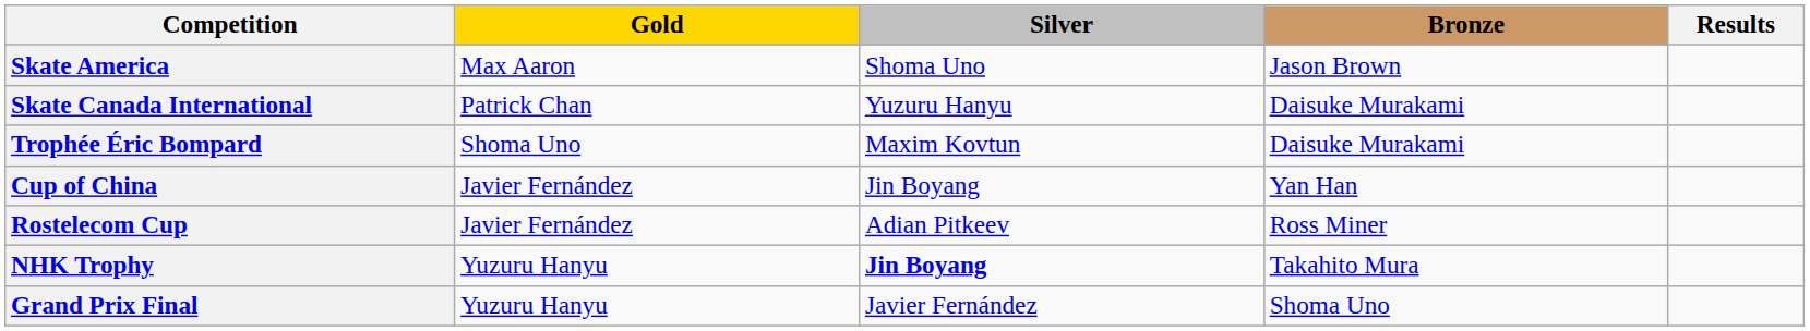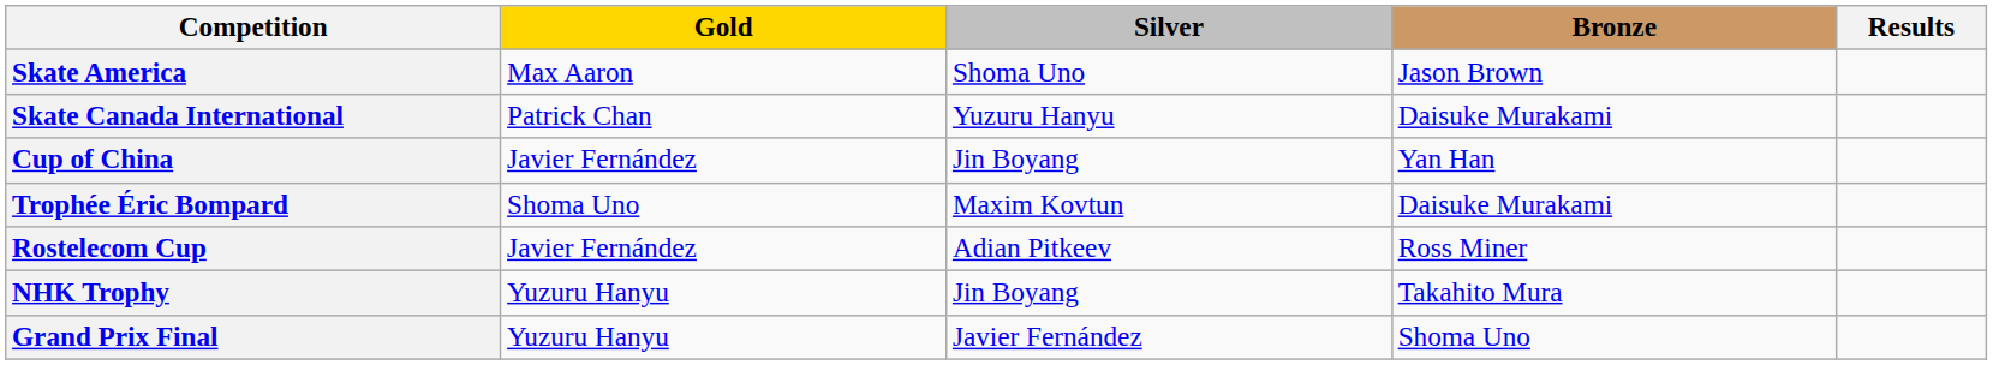 <table class="wikitable unsortable" style="text-align:left; width:90%">
 <tr>
 <th scope="col" style="text-align:center; width:25%;">Competition</th>
 <td scope="col" style="text-align:center; width:22.5%; background:gold"><strong>Gold</strong></td>
 <td scope="col" style="text-align:center; width:22.5%; background:silver"><strong>Silver</strong></td>
 <td scope="col" style="text-align:center; width:22.5%; background:#c96"><strong>Bronze</strong></td>
 <th scope="col" style="text-align:center; width:7.5%;">Results</th>
 </tr>
 <tr>
 <th scope="row" style="text-align:left"> <a href='#'>Skate America</a></th>
 <td> <a href='#'>Max Aaron</a></td>
 <td> <a href='#'>Shoma Uno</a></td>
 <td> <a href='#'>Jason Brown</a></td>
 <td></td>
 </tr>
 <tr>
 <th scope="row" style="text-align:left"> <a href='#'>Skate Canada International</a></th>
 <td> <a href='#'>Patrick Chan</a></td>
 <td> <a href='#'>Yuzuru Hanyu</a></td>
 <td> <a href='#'>Daisuke Murakami</a></td>
 <td></td>
 </tr>
 <tr>
+<th scope="row" style="text-align:left"> <a href='#'>Cup of China</a></th>
+<td> <a href='#'>Javier Fernández</a></td>
+<td> <a href='#'>Jin Boyang</a></td>
+<td> <a href='#'>Yan Han</a></td>
+<td></td>
+</tr>
+<tr>
 <th scope="row" style="text-align:left"> <a href='#'>Trophée Éric Bompard</a></th>
 <td> <a href='#'>Shoma Uno</a></td>
 <td> <a href='#'>Maxim Kovtun</a></td>
 <td> <a href='#'>Daisuke Murakami</a></td>
-<td></td>
-</tr>
-<tr>
-<th scope="row" style="text-align:left"> <a href='#'>Cup of China</a></th>
-<td> <a href='#'>Javier Fernández</a></td>
-<td> <a href='#'>Jin Boyang</a></td>
-<td> <a href='#'>Yan Han</a></td>
 <td></td>
 </tr>
 <tr>
 <th scope="row" style="text-align:left"> <a href='#'>Rostelecom Cup</a></th>
 <td> <a href='#'>Javier Fernández</a></td>
 <td> <a href='#'>Adian Pitkeev</a></td>
 <td> <a href='#'>Ross Miner</a></td>
 <td></td>
 </tr>
 <tr>
 <th scope="row" style="text-align:left"> <a href='#'>NHK Trophy</a></th>
 <td> <a href='#'>Yuzuru Hanyu</a></td>
-<td><strong> <a href='#'>Jin Boyang</a></strong></td>
+<td> <a href='#'>Jin Boyang</a></td>
 <td> <a href='#'>Takahito Mura</a></td>
 <td></td>
 </tr>
 <tr>
 <th scope="row" style="text-align:left"> <a href='#'>Grand Prix Final</a></th>
 <td> <a href='#'>Yuzuru Hanyu</a></td>
 <td> <a href='#'>Javier Fernández</a></td>
 <td> <a href='#'>Shoma Uno</a></td>
 <td></td>
 </tr>
 </table>
